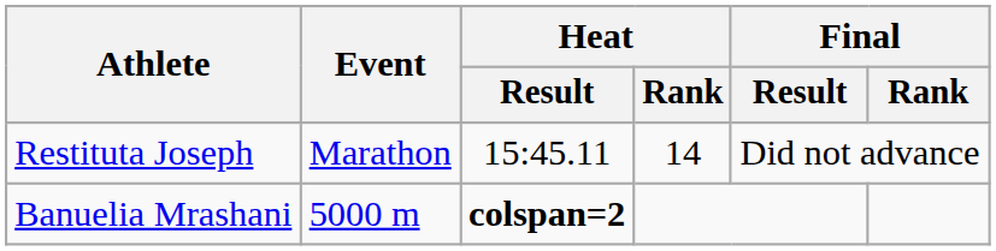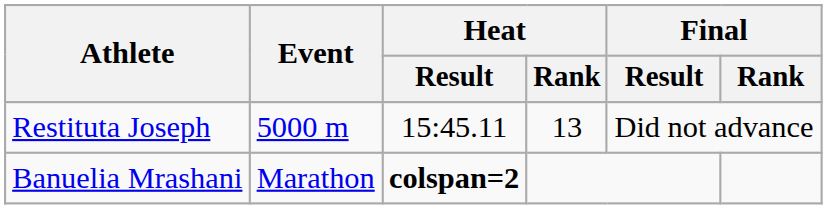 <table class=wikitable style="font-size:90%">
 <tr>
 <th rowspan="2">Athlete</th>
 <th rowspan="2">Event</th>
 <th colspan="2">Heat</th>
 <th colspan="2">Final</th>
 </tr>
 <tr style="font-size:95%">
 <th>Result</th>
 <th>Rank</th>
 <th>Result</th>
 <th>Rank</th>
 </tr>
 <tr align=center>
 <td align=left><a href='#'>Restituta Joseph</a></td>
-<td align=left><a href='#'>Marathon</a></td>
+<td align=left><a href='#'>5000 m</a></td>
 <td>15:45.11</td>
-<td>14</td>
+<td>13</td>
 <td colspan=2>Did not advance</td>
 </tr>
 <tr align=center>
 <td align=left><a href='#'>Banuelia Mrashani</a></td>
-<td align=left><a href='#'>5000 m</a></td>
+<td align=left><a href='#'>Marathon</a></td>
 <td><strong>colspan=2 </strong></td>
 <td colspan=2></td>
 </tr>
 </table>
